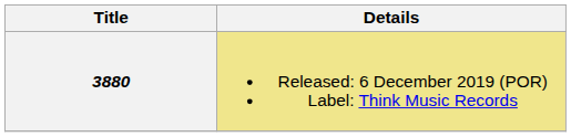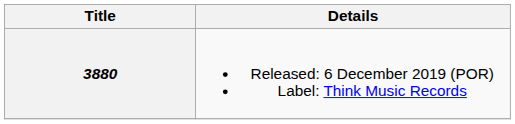 <table class="wikitable plainrowheaders" style="text-align:center;">
 <tr>
 <th scope="col" style="width:12em;">Title</th>
 <th scope="col" style="width:20em;">Details</th>
 </tr>
 <tr>
 <th scope="row"><em>3880</em></th>
-<td style="background: khaki;"><br><ul><li>Released: 6 December 2019 <span>(POR)</span></li><li>Label: <a href='#'>Think Music Records</a></li></ul></td>
+<td><br><ul><li>Released: 6 December 2019 <span>(POR)</span></li><li>Label: <a href='#'>Think Music Records</a></li></ul></td>
 </tr>
 <tr>
 </tr>
 </table>
